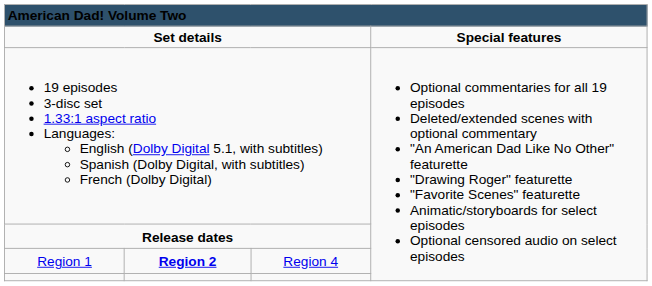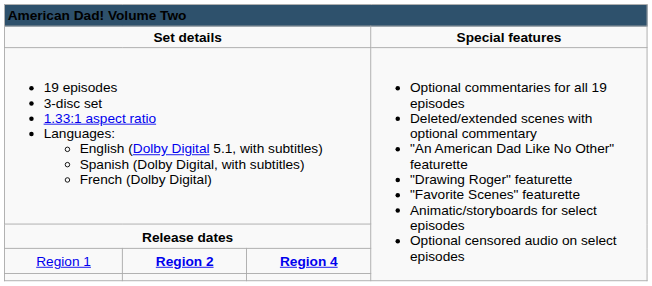 <table class="wikitable" style="font-size: 95%;">
 <tr>
 <td colspan="5" style="background-color: #2e516c;"><strong>American Dad! Volume Two</strong></td>
 </tr>
 <tr valign="top">
 <td align="center" width="400" colspan="3"><strong>Set details</strong></td>
 <td width="300" align="center"><strong>Special features</strong></td>
 </tr>
 <tr valign="top">
 <td colspan="3" align="left" width="400"><br><ul><li>19 episodes</li><li>3-disc set</li><li><a href='#'>1.33:1 aspect ratio</a></li><li>Languages:<ul><li>English (<a href='#'>Dolby Digital</a> 5.1, with subtitles)</li><li>Spanish (Dolby Digital, with subtitles)</li><li>French (Dolby Digital)</li></ul></li></ul></td>
 <td rowspan="4" align="left" width="300"><br><ul><li>Optional commentaries for all 19 episodes</li><li>Deleted/extended scenes with optional commentary</li><li>"An American Dad Like No Other" featurette</li><li>"Drawing Roger" featurette</li><li>"Favorite Scenes" featurette</li><li>Animatic/storyboards for select episodes</li><li>Optional censored audio on select episodes</li></ul></td>
 </tr>
 <tr>
 <td colspan="3" align="center"><strong>Release dates</strong></td>
 </tr>
 <tr>
 <td align="center"><a href='#'>Region 1</a></td>
 <td align="center"><strong><a href='#'>Region 2</a></strong></td>
-<td align="center"><a href='#'>Region 4</a></td>
+<td align="center"><strong><a href='#'>Region 4</a></strong></td>
 </tr>
 <tr>
 <td align="center"></td>
 <td align="center"></td>
 <td aligh="center"></td>
 </tr>
 </table>
